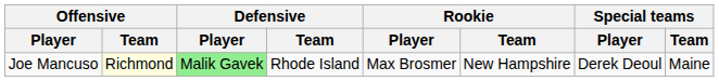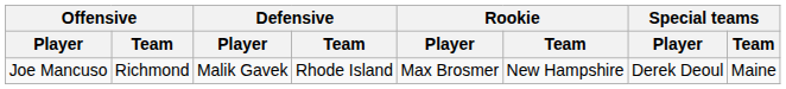 <table class="wikitable" border="1">
 <tr>
 <th colspan="2">Offensive</th>
 <th colspan="2">Defensive</th>
 <th colspan="2">Rookie</th>
 <th colspan="2">Special teams</th>
 </tr>
 <tr>
 <th>Player</th>
 <th>Team</th>
 <th>Player</th>
 <th>Team</th>
 <th>Player</th>
 <th>Team</th>
 <th>Player</th>
 <th>Team</th>
 </tr>
 <tr>
 <td>Joe Mancuso</td>
-<td style="background: lightyellow;">Richmond</td>
-<td style="background: lightgreen;">Malik Gavek</td>
+<td>Richmond</td>
+<td>Malik Gavek</td>
 <td>Rhode Island</td>
 <td>Max Brosmer</td>
 <td>New Hampshire</td>
 <td>Derek Deoul</td>
 <td>Maine</td>
 </tr>
 </table>
